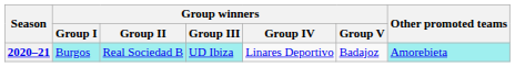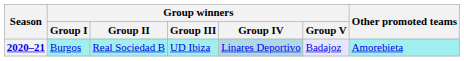 <table class="wikitable">
 <tr>
 <th rowspan="2">Season</th>
 <th colspan="5">Group winners</th>
 <th rowspan="2">Other promoted teams</th>
 </tr>
 <tr>
 <th>Group I</th>
 <th>Group II</th>
 <th>Group III</th>
 <th>Group IV</th>
 <th>Group V</th>
 </tr>
 <tr>
 <th><a href='#'>2020–21</a></th>
 <td bgcolor=#9fefef><a href='#'>Burgos</a></td>
 <td bgcolor=#9fefef><a href='#'>Real Sociedad B</a></td>
 <td bgcolor=#9fefef><a href='#'>UD Ibiza</a></td>
-<td><a href='#'>Linares Deportivo</a></td>
-<td><a href='#'>Badajoz</a></td>
+<td style="background: lightblue;"><a href='#'>Linares Deportivo</a></td>
+<td style="background: lavender;"><a href='#'>Badajoz</a></td>
 <td bgcolor=#9fefef><a href='#'>Amorebieta</a></td>
 </tr>
 </table>
